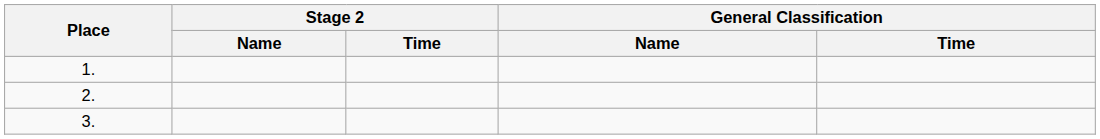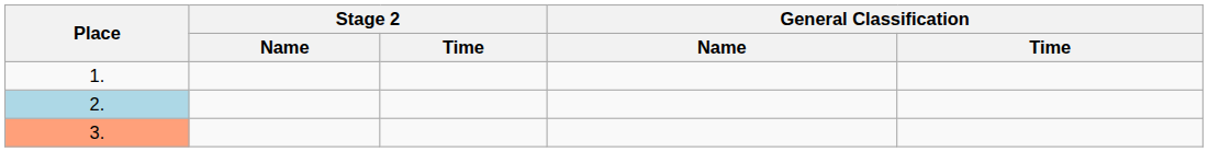 <table class="wikitable"  style="font-size:95%; width:80%;">
 <tr>
 <th rowspan="2">Place</th>
 <th colspan="2">Stage 2</th>
 <th colspan="2">General Classification</th>
 </tr>
 <tr>
 <th>Name</th>
 <th>Time</th>
 <th>Name</th>
 <th>Time</th>
 </tr>
 <tr>
 <td style="text-align:center;">1.</td>
 <td></td>
 <td></td>
 <td></td>
 <td></td>
 </tr>
 <tr>
-<td style="text-align:center;">2.</td>
+<td style="background: lightblue; text-align:center;">2.</td>
 <td></td>
 <td></td>
 <td></td>
 <td></td>
 </tr>
 <tr>
-<td style="text-align:center;">3.</td>
+<td style="background: lightsalmon; text-align:center;">3.</td>
 <td></td>
 <td></td>
 <td></td>
 <td></td>
 </tr>
 </table>
